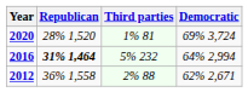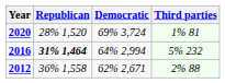 <table class="wikitable" style="float:right; font-size:95%;">
 <tr bgcolor=lightgrey>
 <th>Year</th>
 <th><a href='#'>Republican</a></th>
+<th><a href='#'>Democratic</a></th>
 <th><a href='#'>Third parties</a></th>
-<th><a href='#'>Democratic</a></th>
 </tr>
 <tr>
 <td style="text-align:center; "><strong><a href='#'>2020</a></strong></td>
 <td style="text-align:center; "><em>28%</em> <em>1,520</em></td>
+<td style="text-align:center; "><em>69%</em> <em>3,724</em></td>
 <td style="text-align:center; background:honeyDew;"><em>1%</em> <em>81</em></td>
-<td style="text-align:center; "><em>69%</em> <em>3,724</em></td>
 </tr>
 <tr>
 <td style="text-align:center; "><strong><a href='#'>2016</a></strong></td>
 <td style="text-align:center; "><strong><em>31%</em> <em>1,464</em></strong></td>
+<td style="text-align:center; "><em>64%</em> <em>2,994</em></td>
 <td style="text-align:center; background:honeyDew;"><em>5%</em> <em>232</em></td>
-<td style="text-align:center; "><em>64%</em> <em>2,994</em></td>
 </tr>
 <tr>
 <td style="text-align:center; "><strong><a href='#'>2012</a></strong></td>
 <td style="text-align:center; "><em>36%</em> <em>1,558</em></td>
+<td style="text-align:center; "><em>62%</em> <em>2,671</em></td>
 <td style="text-align:center; background:honeyDew;"><em>2%</em> <em>88</em></td>
-<td style="text-align:center; "><em>62%</em> <em>2,671</em></td>
 </tr>
 </table>
